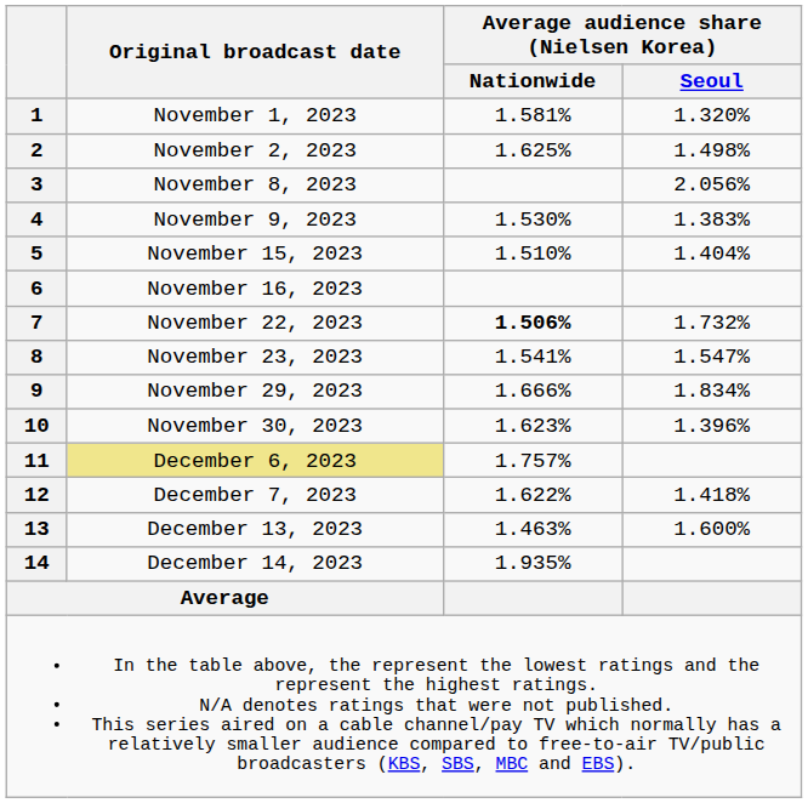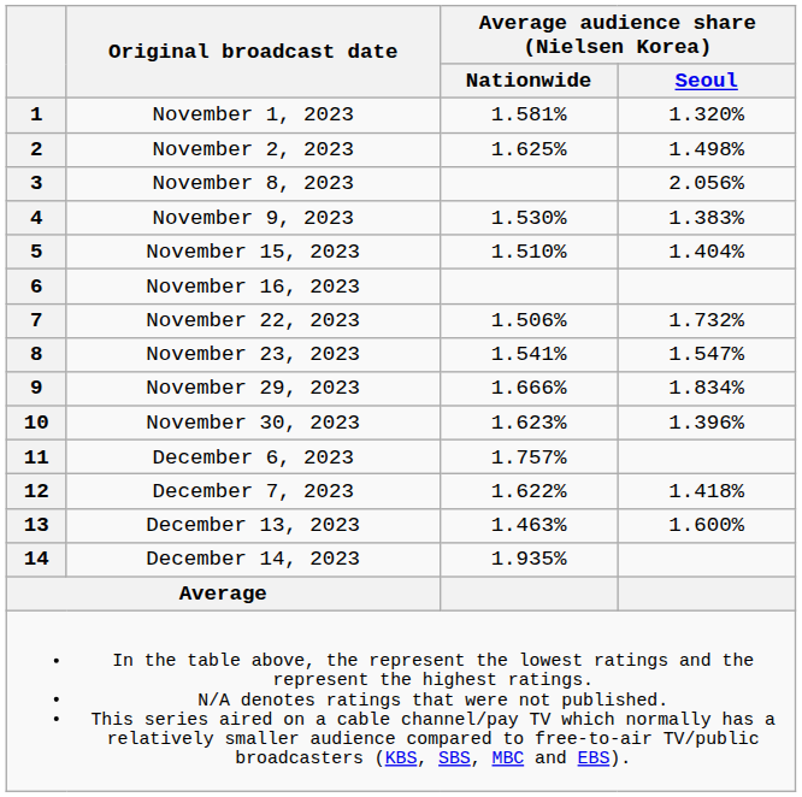 <table class="wikitable" style="margin-left:auto; margin-right:auto; width:490px; text-align:center">
 <tr>
 <th scope="col" rowspan="2"></th>
 <th scope="col" rowspan="2">Original broadcast date</th>
 <th scope="col" colspan="2">Average audience share<br>(Nielsen Korea)</th>
 </tr>
 <tr>
 <th scope="col" style="width:8em">Nationwide</th>
 <th scope="col" style="width:8em"><a href='#'>Seoul</a></th>
 </tr>
 <tr>
 <th scope="row">1</th>
 <td>November 1, 2023</td>
 <td>1.581% </td>
 <td>1.320% </td>
 </tr>
 <tr>
 <th scope="row">2</th>
 <td>November 2, 2023</td>
 <td>1.625% </td>
 <td>1.498% </td>
 </tr>
 <tr>
 <th scope="row">3</th>
 <td>November 8, 2023</td>
 <td><strong></strong> </td>
 <td>2.056% </td>
 </tr>
 <tr>
 <th scope="row">4</th>
 <td>November 9, 2023</td>
 <td>1.530% </td>
 <td>1.383% </td>
 </tr>
 <tr>
 <th scope="row">5</th>
 <td>November 15, 2023</td>
 <td>1.510% </td>
 <td>1.404% </td>
 </tr>
 <tr>
 <th scope="row">6</th>
 <td>November 16, 2023</td>
 <td><strong></strong> </td>
 <td><strong></strong> </td>
 </tr>
 <tr>
 <th scope="row">7</th>
 <td>November 22, 2023</td>
-<td><strong>1.506% </strong></td>
+<td>1.506% </td>
 <td>1.732% </td>
 </tr>
 <tr>
 <th scope="row">8</th>
 <td>November 23, 2023</td>
 <td>1.541% </td>
 <td>1.547% </td>
 </tr>
 <tr>
 <th scope="row">9</th>
 <td>November 29, 2023</td>
 <td>1.666% </td>
 <td>1.834% </td>
 </tr>
 <tr>
 <th scope="row">10</th>
 <td>November 30, 2023</td>
 <td>1.623% </td>
 <td>1.396% </td>
 </tr>
 <tr>
 <th scope="row">11</th>
-<td style="background: khaki;">December 6, 2023</td>
+<td>December 6, 2023</td>
 <td>1.757% </td>
 <td><strong></strong> </td>
 </tr>
 <tr>
 <th scope="row">12</th>
 <td>December 7, 2023</td>
 <td>1.622% </td>
 <td>1.418% </td>
 </tr>
 <tr>
 <th scope="row">13</th>
 <td>December 13, 2023</td>
 <td>1.463% </td>
 <td>1.600% </td>
 </tr>
 <tr>
 <th scope="row">14</th>
 <td>December 14, 2023</td>
 <td>1.935%  </td>
 <td></td>
 </tr>
 <tr>
 <th colspan="2">Average</th>
 <th></th>
 <th></th>
 </tr>
 <tr>
 <td colspan="4" style="font-size:85%"><br><ul><li>In the table above, the <strong></strong> represent the lowest ratings and the <strong></strong> represent the highest ratings.</li><li>N/A denotes ratings that were not published.</li><li>This series aired on a cable channel/pay TV which normally has a relatively smaller audience compared to free-to-air TV/public broadcasters (<a href='#'>KBS</a>, <a href='#'>SBS</a>, <a href='#'>MBC</a> and <a href='#'>EBS</a>).</li></ul></td>
 </tr>
 </table>
